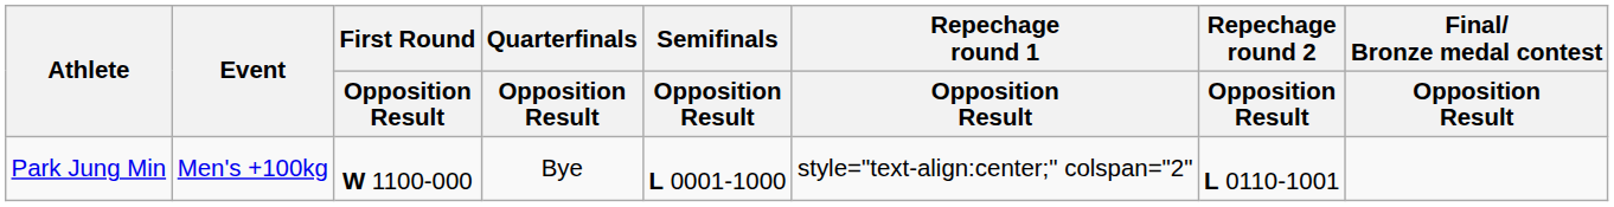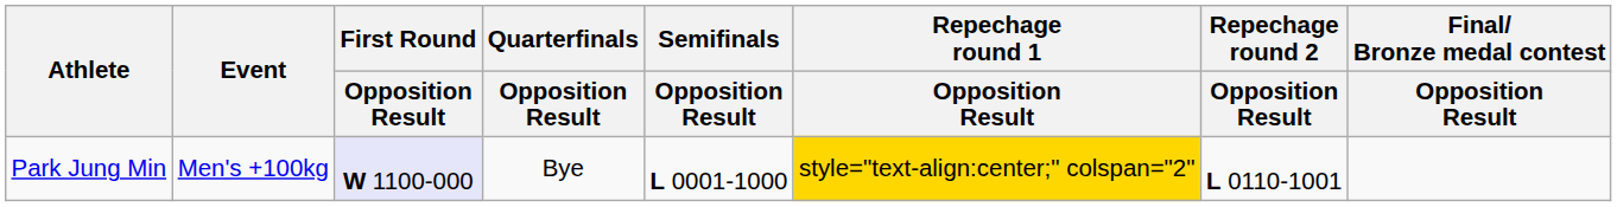 <table class=wikitable style="font-size:90%">
 <tr>
 <th rowspan="2">Athlete</th>
 <th rowspan="2">Event</th>
 <th>First Round</th>
 <th>Quarterfinals</th>
 <th>Semifinals</th>
 <th>Repechage <br>round 1</th>
 <th>Repechage <br>round 2</th>
 <th>Final/<br>Bronze medal contest</th>
 </tr>
 <tr>
 <th>Opposition<br>Result</th>
 <th>Opposition<br>Result</th>
 <th>Opposition<br>Result</th>
 <th>Opposition<br>Result</th>
 <th>Opposition<br>Result</th>
 <th>Opposition<br>Result</th>
 </tr>
 <tr>
 <td><a href='#'>Park Jung Min</a></td>
 <td style="text-align:center;"><a href='#'>Men's +100kg</a></td>
-<td style="text-align:center;"><br> <strong>W</strong> 1100-000</td>
+<td style="background: lavender; text-align:center;"><br> <strong>W</strong> 1100-000</td>
 <td style="text-align:center;">Bye</td>
 <td style="text-align:center;"><br> <strong>L</strong> 0001-1000</td>
-<td>style="text-align:center;" colspan="2" </td>
+<td style="background: gold;">style="text-align:center;" colspan="2" </td>
 <td style="text-align:center;"><br> <strong>L</strong> 0110-1001</td>
 </tr>
 </table>
